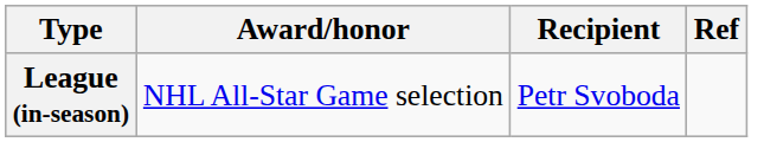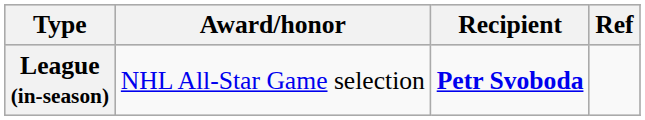 <table class="wikitable">
 <tr>
 <th scope="col">Type</th>
 <th scope="col">Award/honor</th>
 <th scope="col">Recipient</th>
 <th scope="col">Ref</th>
 </tr>
 <tr>
 <th scope="row">League<br><small>(in-season)</small></th>
 <td><a href='#'>NHL All-Star Game</a> selection</td>
-<td><a href='#'>Petr Svoboda</a></td>
+<td><strong><a href='#'>Petr Svoboda</a></strong></td>
 <td></td>
 </tr>
 </table>
